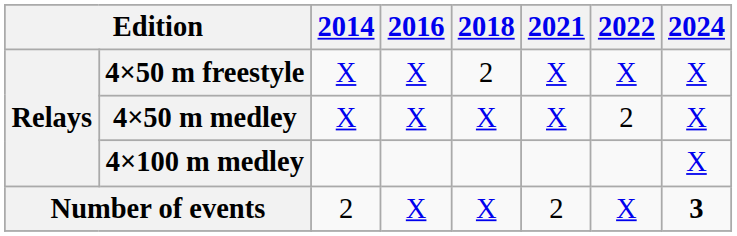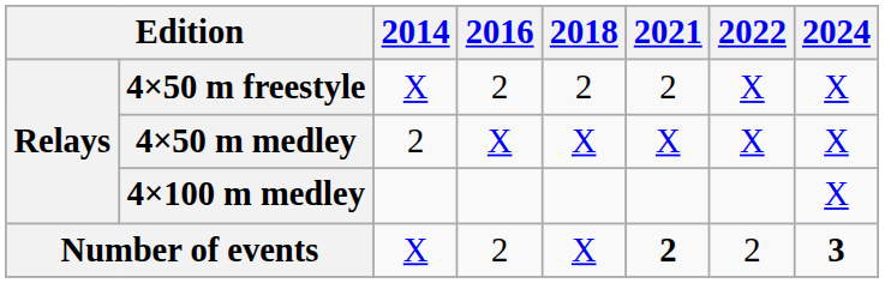 <table class="wikitable" style="text-size:95%; text-align:center">
 <tr>
 <th colspan="2">Edition</th>
 <th><a href='#'>2014</a></th>
 <th><a href='#'>2016</a></th>
 <th><a href='#'>2018</a></th>
 <th><a href='#'>2021</a></th>
 <th><a href='#'>2022</a></th>
 <th><a href='#'>2024</a></th>
 </tr>
 <tr>
 <th rowspan="3">Relays</th>
 <th>4×50 m freestyle</th>
 <td><a href='#'>X</a></td>
-<td><a href='#'>X</a></td>
 <td>2</td>
-<td><a href='#'>X</a></td>
+<td>2</td>
+<td>2</td>
 <td><a href='#'>X</a></td>
 <td><a href='#'>X</a></td>
 </tr>
 <tr>
 <th>4×50 m medley</th>
+<td>2</td>
 <td><a href='#'>X</a></td>
 <td><a href='#'>X</a></td>
 <td><a href='#'>X</a></td>
 <td><a href='#'>X</a></td>
-<td>2</td>
 <td><a href='#'>X</a></td>
 </tr>
 <tr>
 <th>4×100 m medley</th>
 <td></td>
 <td></td>
 <td></td>
 <td></td>
 <td></td>
 <td><a href='#'>X</a></td>
 </tr>
 <tr>
 <th colspan="2">Number of events</th>
-<td>2</td>
-<td><a href='#'>X</a></td>
 <td><a href='#'>X</a></td>
 <td>2</td>
 <td><a href='#'>X</a></td>
+<td><strong>2</strong></td>
+<td>2</td>
 <td><strong>3</strong></td>
 </tr>
 </table>
